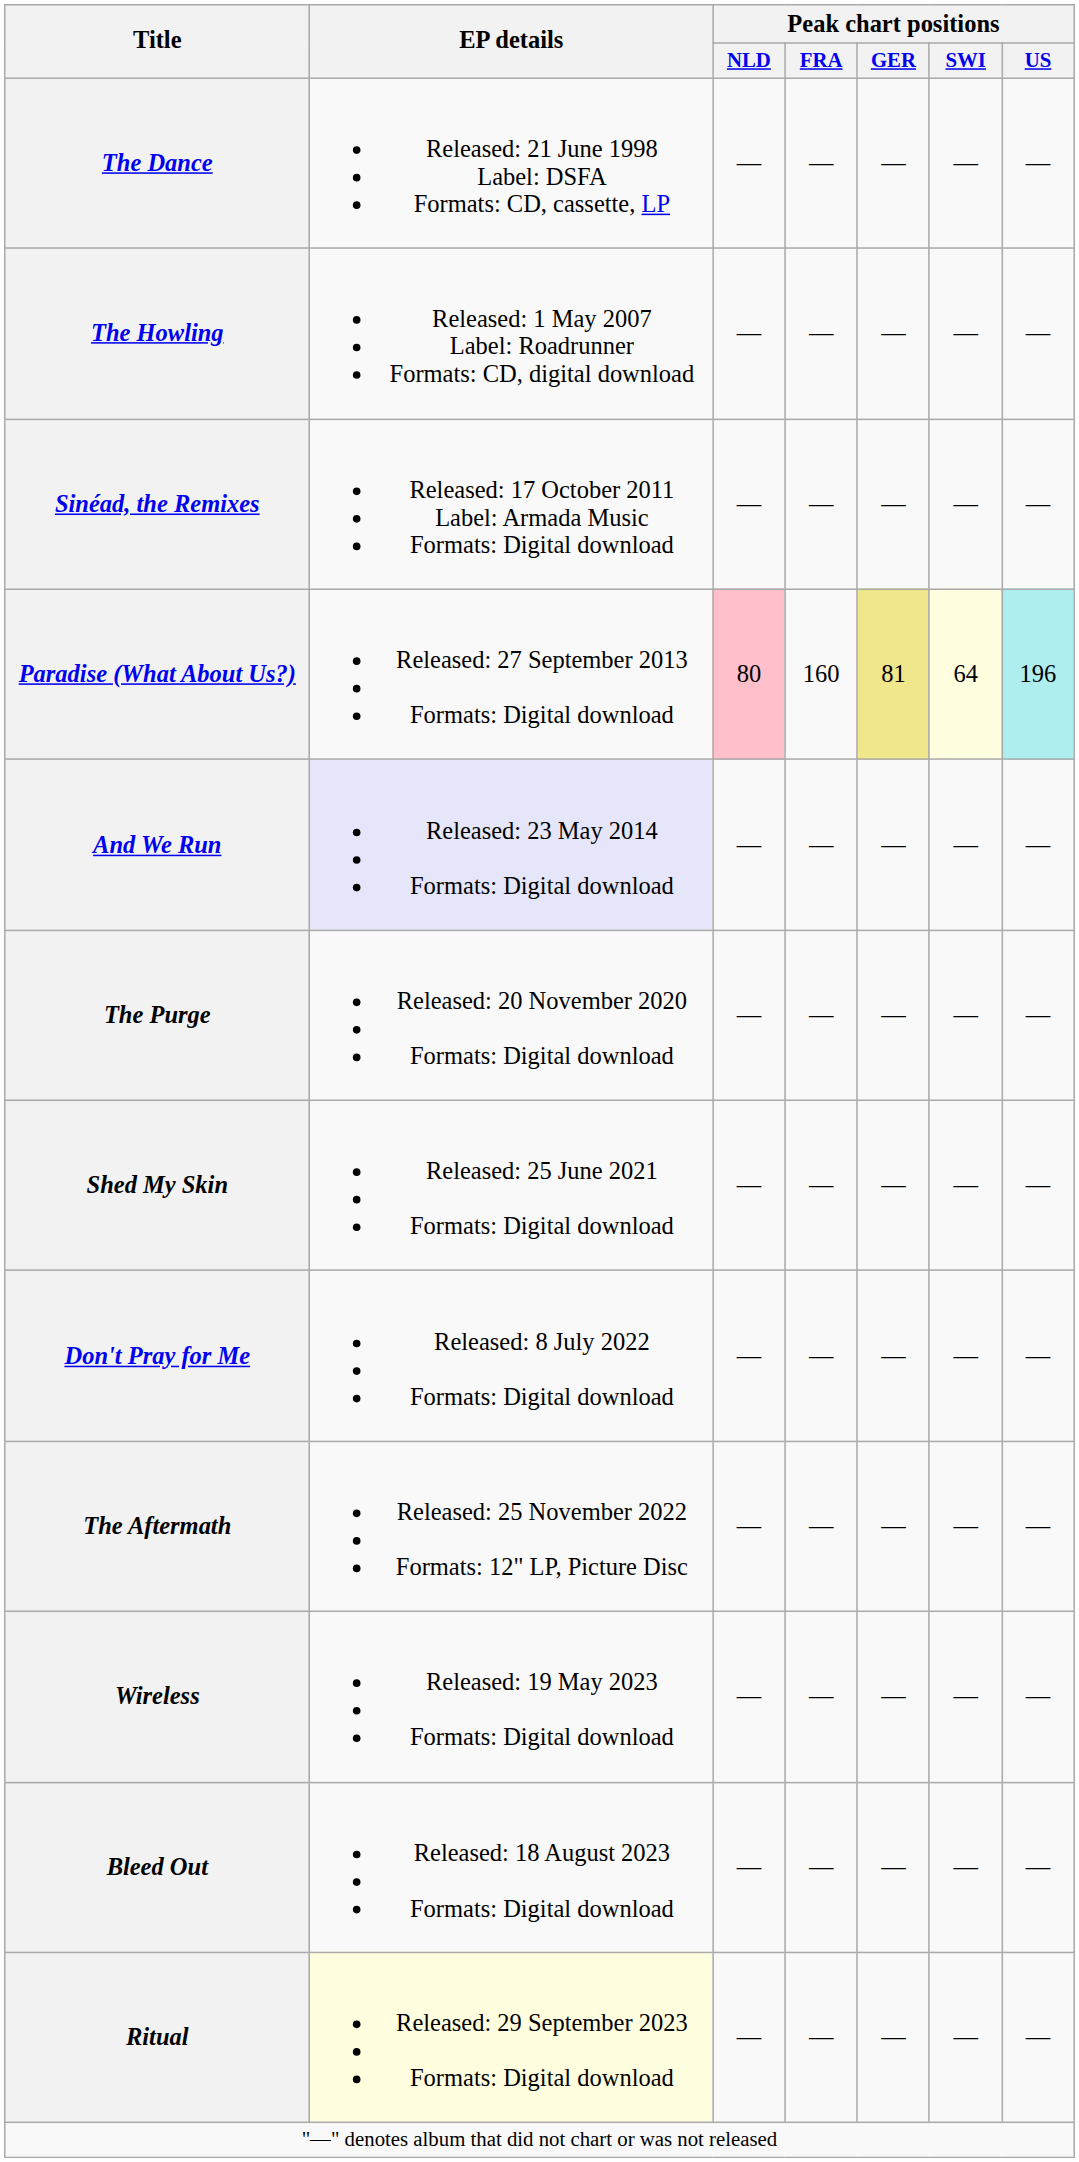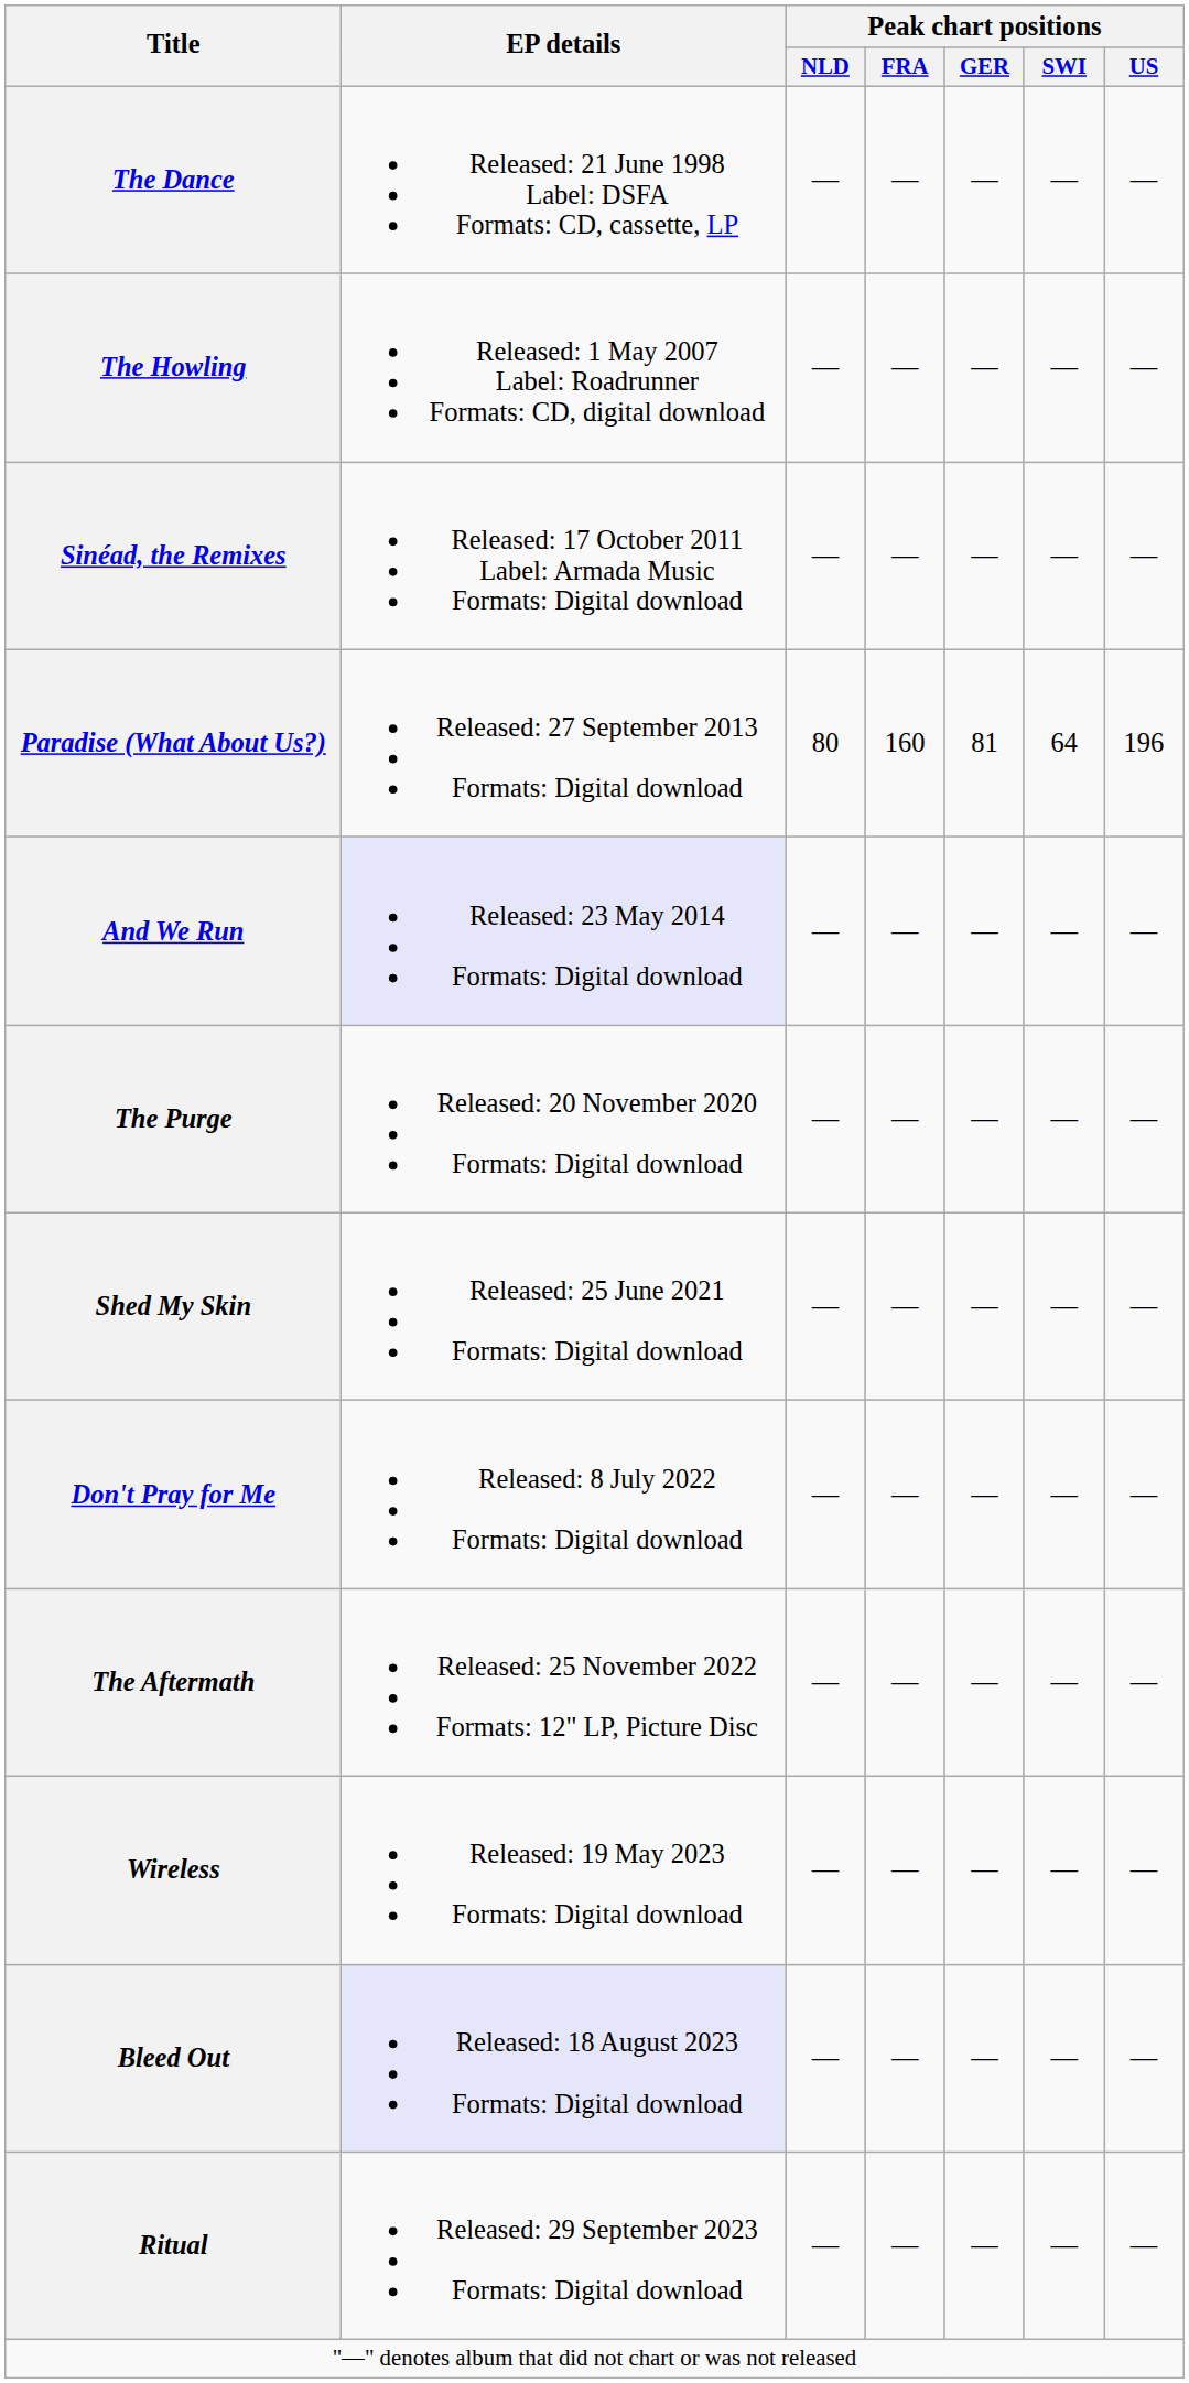 <table class="wikitable plainrowheaders" style="text-align:center;">
 <tr>
 <th scope="col" rowspan="2" style="width:12em;">Title</th>
 <th scope="col" rowspan="2" style="width:16em;">EP details</th>
 <th scope="col" colspan="5">Peak chart positions</th>
 </tr>
 <tr>
 <th scope="col" style="width:3em;font-size:85%;"><a href='#'>NLD</a><br></th>
 <th scope="col" style="width:3em;font-size:85%;"><a href='#'>FRA</a><br></th>
 <th scope="col" style="width:3em;font-size:85%;"><a href='#'>GER</a><br></th>
 <th scope="col" style="width:3em;font-size:85%;"><a href='#'>SWI</a><br></th>
 <th scope="col" style="width:3em;font-size:85%;"><a href='#'>US</a><br></th>
 </tr>
 <tr>
 <th scope="row"><em><a href='#'>The Dance</a></em></th>
 <td><br><ul><li>Released: 21 June 1998</li><li>Label: DSFA</li><li>Formats: CD, cassette, <a href='#'>LP</a></li></ul></td>
 <td>—</td>
 <td>—</td>
 <td>—</td>
 <td>—</td>
 <td>—</td>
 </tr>
 <tr>
 <th scope="row"><em><a href='#'>The Howling</a></em></th>
 <td><br><ul><li>Released: 1 May 2007</li><li>Label: Roadrunner</li><li>Formats: CD, digital download</li></ul></td>
 <td>—</td>
 <td>—</td>
 <td>—</td>
 <td>—</td>
 <td>—</td>
 </tr>
 <tr>
 <th scope="row"><em><a href='#'>Sinéad, the Remixes</a></em></th>
 <td><br><ul><li>Released: 17 October 2011</li><li>Label: Armada Music</li><li>Formats: Digital download</li></ul></td>
 <td>—</td>
 <td>—</td>
 <td>—</td>
 <td>—</td>
 <td>—</td>
 </tr>
 <tr>
 <th scope="row"><em><a href='#'>Paradise (What About Us?)</a></em></th>
 <td><br><ul><li>Released: 27 September 2013</li><li></li><li>Formats: Digital download</li></ul></td>
-<td style="background: pink;">80</td>
+<td>80</td>
 <td>160</td>
-<td style="background: khaki;">81</td>
-<td style="background: lightyellow;">64</td>
-<td style="background: paleturquoise;">196</td>
+<td>81</td>
+<td>64</td>
+<td>196</td>
 </tr>
 <tr>
 <th scope="row"><em><a href='#'>And We Run</a></em></th>
 <td style="background: lavender;"><br><ul><li>Released: 23 May 2014</li><li></li><li>Formats: Digital download</li></ul></td>
 <td>—</td>
 <td>—</td>
 <td>—</td>
 <td>—</td>
 <td>—</td>
 </tr>
 <tr>
 <th scope="row"><em>The Purge</em></th>
 <td><br><ul><li>Released: 20 November 2020</li><li></li><li>Formats: Digital download</li></ul></td>
 <td>—</td>
 <td>—</td>
 <td>—</td>
 <td>—</td>
 <td>—</td>
 </tr>
 <tr>
 <th scope="row"><em>Shed My Skin</em></th>
 <td><br><ul><li>Released: 25 June 2021</li><li></li><li>Formats: Digital download</li></ul></td>
 <td>—</td>
 <td>—</td>
 <td>—</td>
 <td>—</td>
 <td>—</td>
 </tr>
 <tr>
 <th scope="row"><em><a href='#'>Don't Pray for Me</a></em></th>
 <td><br><ul><li>Released: 8 July 2022</li><li></li><li>Formats: Digital download</li></ul></td>
 <td>—</td>
 <td>—</td>
 <td>—</td>
 <td>—</td>
 <td>—</td>
 </tr>
 <tr>
 <th scope="row"><em>The Aftermath</em></th>
 <td><br><ul><li>Released: 25 November 2022</li><li></li><li>Formats: 12" LP, Picture Disc</li></ul></td>
 <td>—</td>
 <td>—</td>
 <td>—</td>
 <td>—</td>
 <td>—</td>
 </tr>
 <tr>
 <th scope="row"><em>Wireless</em></th>
 <td><br><ul><li>Released: 19 May 2023</li><li></li><li>Formats: Digital download</li></ul></td>
 <td>—</td>
 <td>—</td>
 <td>—</td>
 <td>—</td>
 <td>—</td>
 </tr>
 <tr>
 <th scope="row"><em>Bleed Out</em></th>
-<td><br><ul><li>Released: 18 August 2023</li><li></li><li>Formats: Digital download</li></ul></td>
+<td style="background: lavender;"><br><ul><li>Released: 18 August 2023</li><li></li><li>Formats: Digital download</li></ul></td>
 <td>—</td>
 <td>—</td>
 <td>—</td>
 <td>—</td>
 <td>—</td>
 </tr>
 <tr>
 <th scope="row"><em>Ritual</em></th>
-<td style="background: lightyellow;"><br><ul><li>Released: 29 September 2023</li><li></li><li>Formats: Digital download</li></ul></td>
+<td><br><ul><li>Released: 29 September 2023</li><li></li><li>Formats: Digital download</li></ul></td>
 <td>—</td>
 <td>—</td>
 <td>—</td>
 <td>—</td>
 <td>—</td>
 </tr>
 <tr>
 <td colspan="15" style="font-size:85%">"—" denotes album that did not chart or was not released</td>
 </tr>
 </table>
